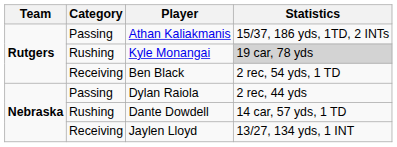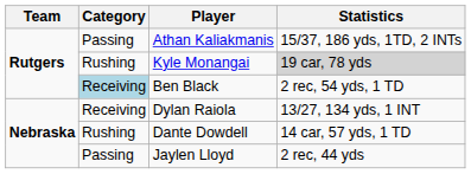 <table class="wikitable" style="float: right;">
 <tr>
 <th>Team</th>
 <th>Category</th>
 <th>Player</th>
 <th>Statistics</th>
 </tr>
 <tr>
 <td rowspan=3><strong>Rutgers</strong></td>
 <td>Passing</td>
 <td><a href='#'>Athan Kaliakmanis</a></td>
 <td>15/37, 186 yds, 1TD, 2 INTs</td>
 </tr>
 <tr>
 <td>Rushing</td>
 <td><a href='#'>Kyle Monangai</a></td>
 <td style="background: lightgrey;">19 car, 78 yds</td>
 </tr>
 <tr>
-<td>Receiving</td>
+<td style="background: lightblue;">Receiving</td>
 <td>Ben Black</td>
 <td>2 rec, 54 yds, 1 TD</td>
 </tr>
 <tr>
 <td rowspan=3><strong>Nebraska</strong></td>
-<td>Passing</td>
+<td>Receiving</td>
 <td>Dylan Raiola</td>
-<td>2 rec, 44 yds</td>
+<td>13/27, 134 yds, 1 INT</td>
 </tr>
 <tr>
 <td>Rushing</td>
 <td>Dante Dowdell</td>
 <td>14 car, 57 yds, 1 TD</td>
 </tr>
 <tr>
-<td>Receiving</td>
+<td>Passing</td>
 <td>Jaylen Lloyd</td>
-<td>13/27, 134 yds, 1 INT</td>
+<td>2 rec, 44 yds</td>
 </tr>
 </table>
